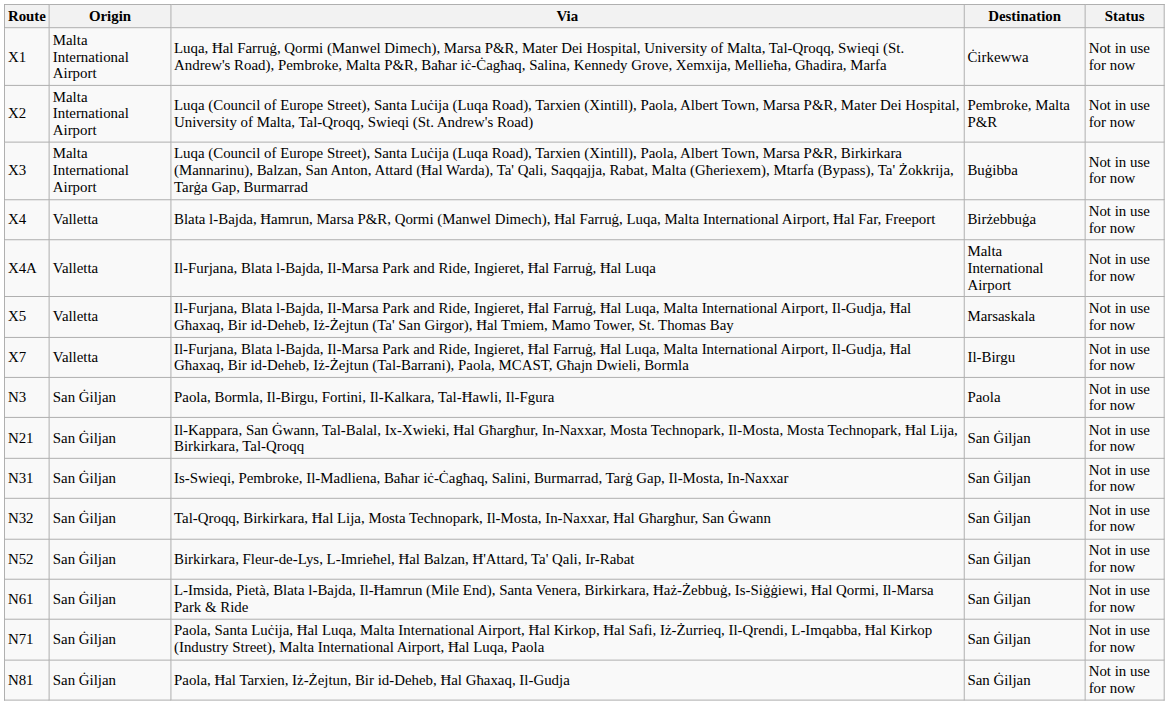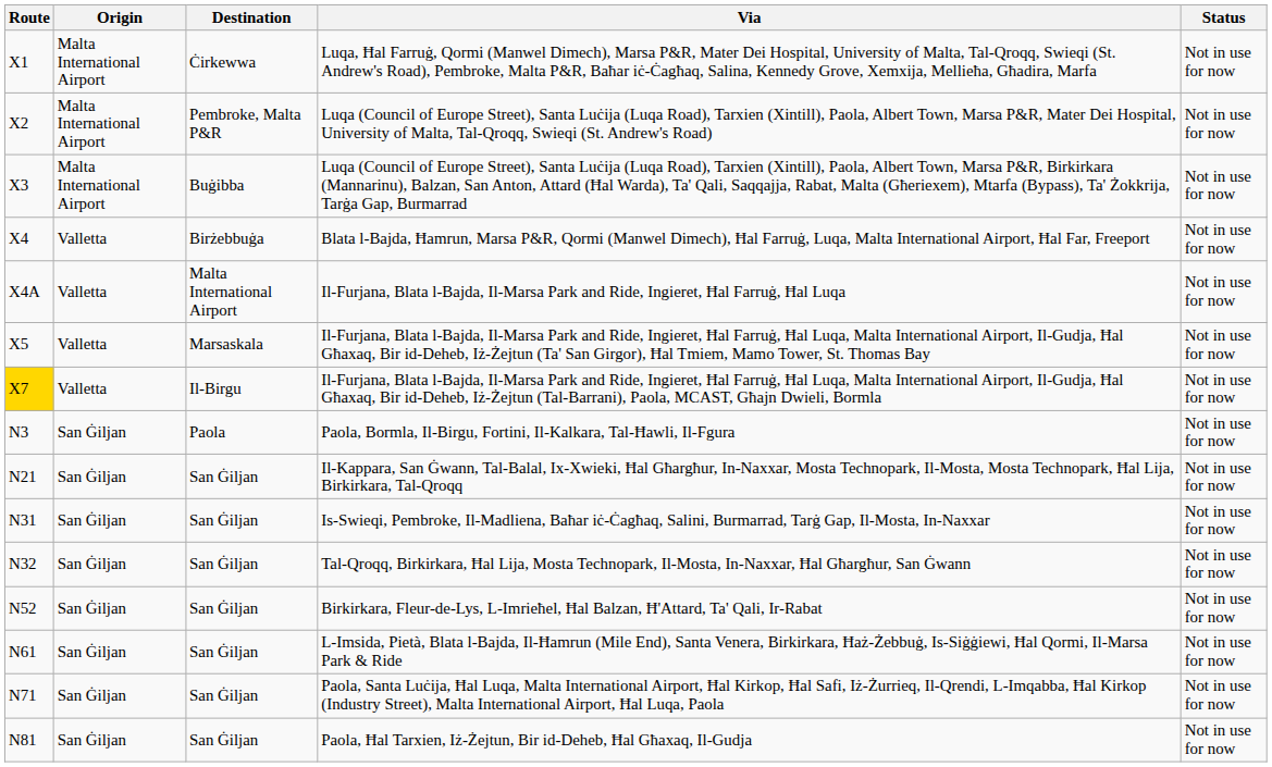 <table class="wikitable sortable">
 <tr>
 <th>Route</th>
 <th>Origin</th>
+<th>Destination</th>
 <th>Via</th>
-<th>Destination</th>
 <th>Status</th>
 </tr>
 <tr>
 <td>X1</td>
 <td>Malta International Airport</td>
+<td>Ċirkewwa</td>
 <td>Luqa, Ħal Farruġ, Qormi (Manwel Dimech), Marsa P&R, Mater Dei Hospital, University of Malta, Tal-Qroqq, Swieqi (St. Andrew's Road), Pembroke, Malta P&R, Baħar iċ-Ċagħaq, Salina, Kennedy Grove, Xemxija, Mellieħa, Għadira, Marfa</td>
-<td>Ċirkewwa</td>
 <td>Not in use for now</td>
 </tr>
 <tr>
 <td>X2</td>
 <td>Malta International Airport</td>
+<td>Pembroke, Malta P&R</td>
 <td>Luqa (Council of Europe Street), Santa Luċija (Luqa Road), Tarxien (Xintill), Paola, Albert Town, Marsa P&R, Mater Dei Hospital, University of Malta, Tal-Qroqq, Swieqi (St. Andrew's Road)</td>
-<td>Pembroke, Malta P&R</td>
 <td>Not in use for now</td>
 </tr>
 <tr>
 <td>X3</td>
 <td>Malta International Airport</td>
+<td>Buġibba</td>
 <td>Luqa (Council of Europe Street), Santa Luċija (Luqa Road), Tarxien (Xintill), Paola, Albert Town, Marsa P&R, Birkirkara (Mannarinu), Balzan, San Anton, Attard (Ħal Warda), Ta' Qali, Saqqajja, Rabat, Malta (Għeriexem), Mtarfa (Bypass), Ta' Żokkrija, Tarġa Gap, Burmarrad</td>
-<td>Buġibba</td>
 <td>Not in use for now</td>
 </tr>
 <tr>
 <td>X4</td>
 <td>Valletta</td>
+<td>Birżebbuġa</td>
 <td>Blata l-Bajda, Ħamrun, Marsa P&R, Qormi (Manwel Dimech), Ħal Farruġ, Luqa, Malta International Airport, Ħal Far, Freeport</td>
-<td>Birżebbuġa</td>
 <td>Not in use for now</td>
 </tr>
 <tr>
 <td>X4A</td>
 <td>Valletta</td>
+<td>Malta International Airport</td>
 <td>Il-Furjana, Blata l-Bajda, Il-Marsa Park and Ride, Ingieret, Ħal Farruġ, Ħal Luqa</td>
-<td>Malta International Airport</td>
 <td>Not in use for now</td>
 </tr>
 <tr>
 <td>X5</td>
 <td>Valletta</td>
+<td>Marsaskala</td>
 <td>Il-Furjana, Blata l-Bajda, Il-Marsa Park and Ride, Ingieret, Ħal Farruġ, Ħal Luqa, Malta International Airport, Il-Gudja, Ħal Għaxaq, Bir id-Deheb, Iż-Żejtun (Ta' San Girgor), Ħal Tmiem, Mamo Tower, St. Thomas Bay</td>
-<td>Marsaskala</td>
 <td>Not in use for now</td>
 </tr>
 <tr>
-<td>X7</td>
+<td style="background: gold;">X7</td>
 <td>Valletta</td>
+<td>Il-Birgu</td>
 <td>Il-Furjana, Blata l-Bajda, Il-Marsa Park and Ride, Ingieret, Ħal Farruġ, Ħal Luqa, Malta International Airport, Il-Gudja, Ħal Għaxaq, Bir id-Deheb, Iż-Żejtun (Tal-Barrani), Paola, MCAST, Għajn Dwieli, Bormla</td>
-<td>Il-Birgu</td>
 <td>Not in use for now</td>
 </tr>
 <tr>
 <td>N3</td>
 <td>San Ġiljan</td>
+<td>Paola</td>
 <td>Paola, Bormla, Il-Birgu, Fortini, Il-Kalkara, Tal-Ħawli, Il-Fgura</td>
-<td>Paola</td>
 <td>Not in use for now</td>
 </tr>
 <tr>
 <td>N21</td>
 <td>San Ġiljan</td>
+<td>San Ġiljan</td>
 <td>Il-Kappara, San Ġwann, Tal-Balal, Ix-Xwieki, Ħal Għargħur, In-Naxxar, Mosta Technopark, Il-Mosta, Mosta Technopark, Ħal Lija, Birkirkara, Tal-Qroqq</td>
-<td>San Ġiljan</td>
 <td>Not in use for now</td>
 </tr>
 <tr>
 <td>N31</td>
 <td>San Ġiljan</td>
+<td>San Ġiljan</td>
 <td>Is-Swieqi, Pembroke, Il-Madliena, Baħar iċ-Ċagħaq, Salini, Burmarrad, Tarġ Gap, Il-Mosta, In-Naxxar</td>
-<td>San Ġiljan</td>
 <td>Not in use for now</td>
 </tr>
 <tr>
 <td>N32</td>
 <td>San Ġiljan</td>
+<td>San Ġiljan</td>
 <td>Tal-Qroqq, Birkirkara, Ħal Lija, Mosta Technopark, Il-Mosta, In-Naxxar, Ħal Għargħur, San Ġwann</td>
-<td>San Ġiljan</td>
 <td>Not in use for now</td>
 </tr>
 <tr>
 <td>N52</td>
 <td>San Ġiljan</td>
+<td>San Ġiljan</td>
 <td>Birkirkara, Fleur-de-Lys, L-Imrieħel, Ħal Balzan, Ħ'Attard, Ta' Qali, Ir-Rabat</td>
-<td>San Ġiljan</td>
 <td>Not in use for now</td>
 </tr>
 <tr>
 <td>N61</td>
 <td>San Ġiljan</td>
+<td>San Ġiljan</td>
 <td>L-Imsida, Pietà, Blata l-Bajda, Il-Ħamrun (Mile End), Santa Venera, Birkirkara, Ħaż-Żebbuġ, Is-Siġġiewi, Ħal Qormi, Il-Marsa Park & Ride</td>
-<td>San Ġiljan</td>
 <td>Not in use for now</td>
 </tr>
 <tr>
 <td>N71</td>
 <td>San Ġiljan</td>
+<td>San Ġiljan</td>
 <td>Paola, Santa Luċija, Ħal Luqa, Malta International Airport, Ħal Kirkop, Ħal Safi, Iż-Żurrieq, Il-Qrendi, L-Imqabba, Ħal Kirkop (Industry Street), Malta International Airport, Ħal Luqa, Paola</td>
-<td>San Ġiljan</td>
 <td>Not in use for now</td>
 </tr>
 <tr>
 <td>N81</td>
 <td>San Ġiljan</td>
+<td>San Ġiljan</td>
 <td>Paola, Ħal Tarxien, Iż-Żejtun, Bir id-Deheb, Ħal Għaxaq, Il-Gudja</td>
-<td>San Ġiljan</td>
 <td>Not in use for now</td>
 </tr>
 </table>
